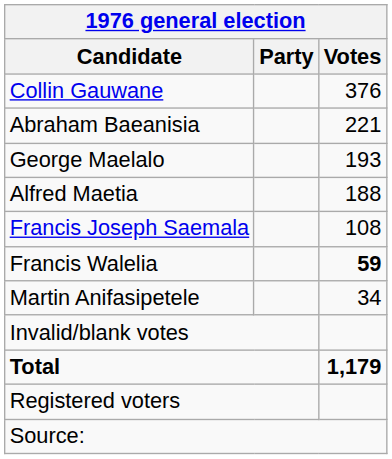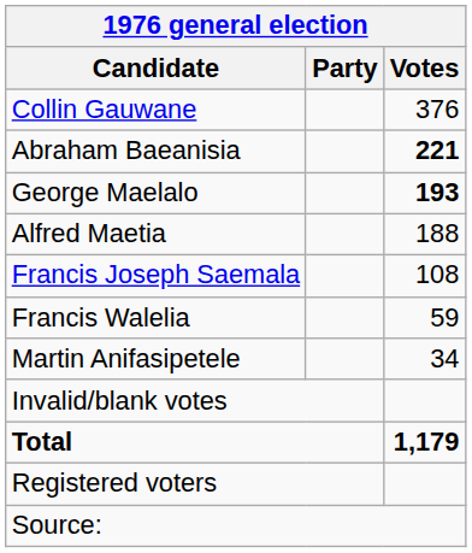 <table class=wikitable style=text-align:left>
 <tr>
 <th colspan=3><a href='#'>1976 general election</a></th>
 </tr>
 <tr>
 <th>Candidate</th>
 <th>Party</th>
 <th>Votes</th>
 </tr>
 <tr>
 <td><a href='#'>Collin Gauwane</a></td>
 <td></td>
 <td align=right>376</td>
 </tr>
 <tr>
 <td>Abraham Baeanisia</td>
 <td></td>
-<td align=right>221</td>
+<td align=right><strong>221</strong></td>
 </tr>
 <tr>
 <td>George Maelalo</td>
 <td></td>
-<td align=right>193</td>
+<td align=right><strong>193</strong></td>
 </tr>
 <tr>
 <td>Alfred Maetia</td>
 <td></td>
 <td align=right>188</td>
 </tr>
 <tr>
 <td><a href='#'>Francis Joseph Saemala</a></td>
 <td></td>
 <td align=right>108</td>
 </tr>
 <tr>
 <td>Francis Walelia</td>
 <td></td>
-<td align=right><strong>59</strong></td>
+<td align=right>59</td>
 </tr>
 <tr>
 <td>Martin Anifasipetele</td>
 <td></td>
 <td align=right>34</td>
 </tr>
 <tr>
 <td colspan=2>Invalid/blank votes</td>
 <td></td>
 </tr>
 <tr>
 <td colspan=2><strong>Total</strong></td>
 <td align=right><strong>1,179</strong></td>
 </tr>
 <tr>
 <td colspan=2>Registered voters</td>
 <td align=right></td>
 </tr>
 <tr>
 <td colspan=3>Source: </td>
 </tr>
 </table>
